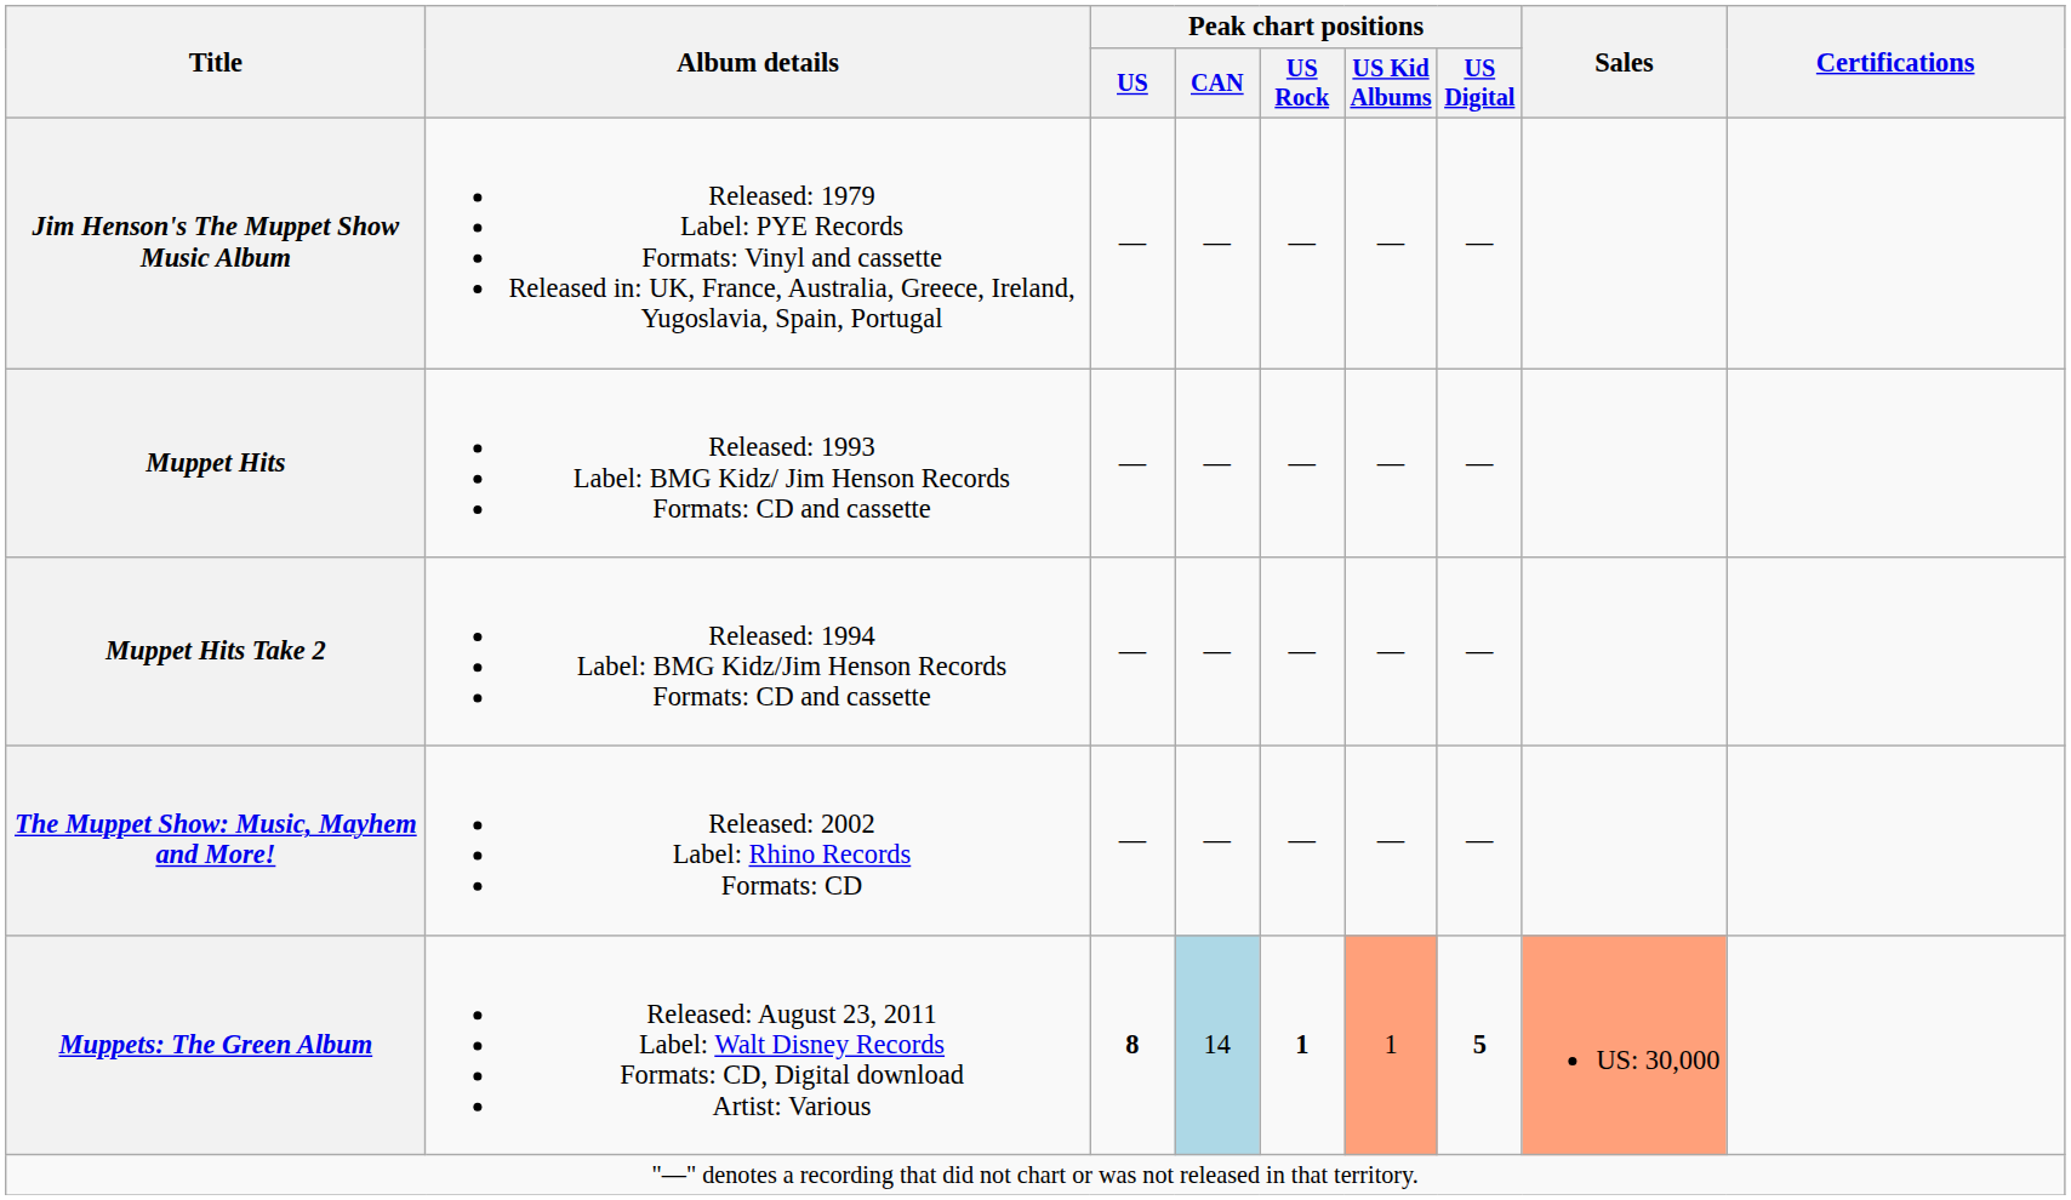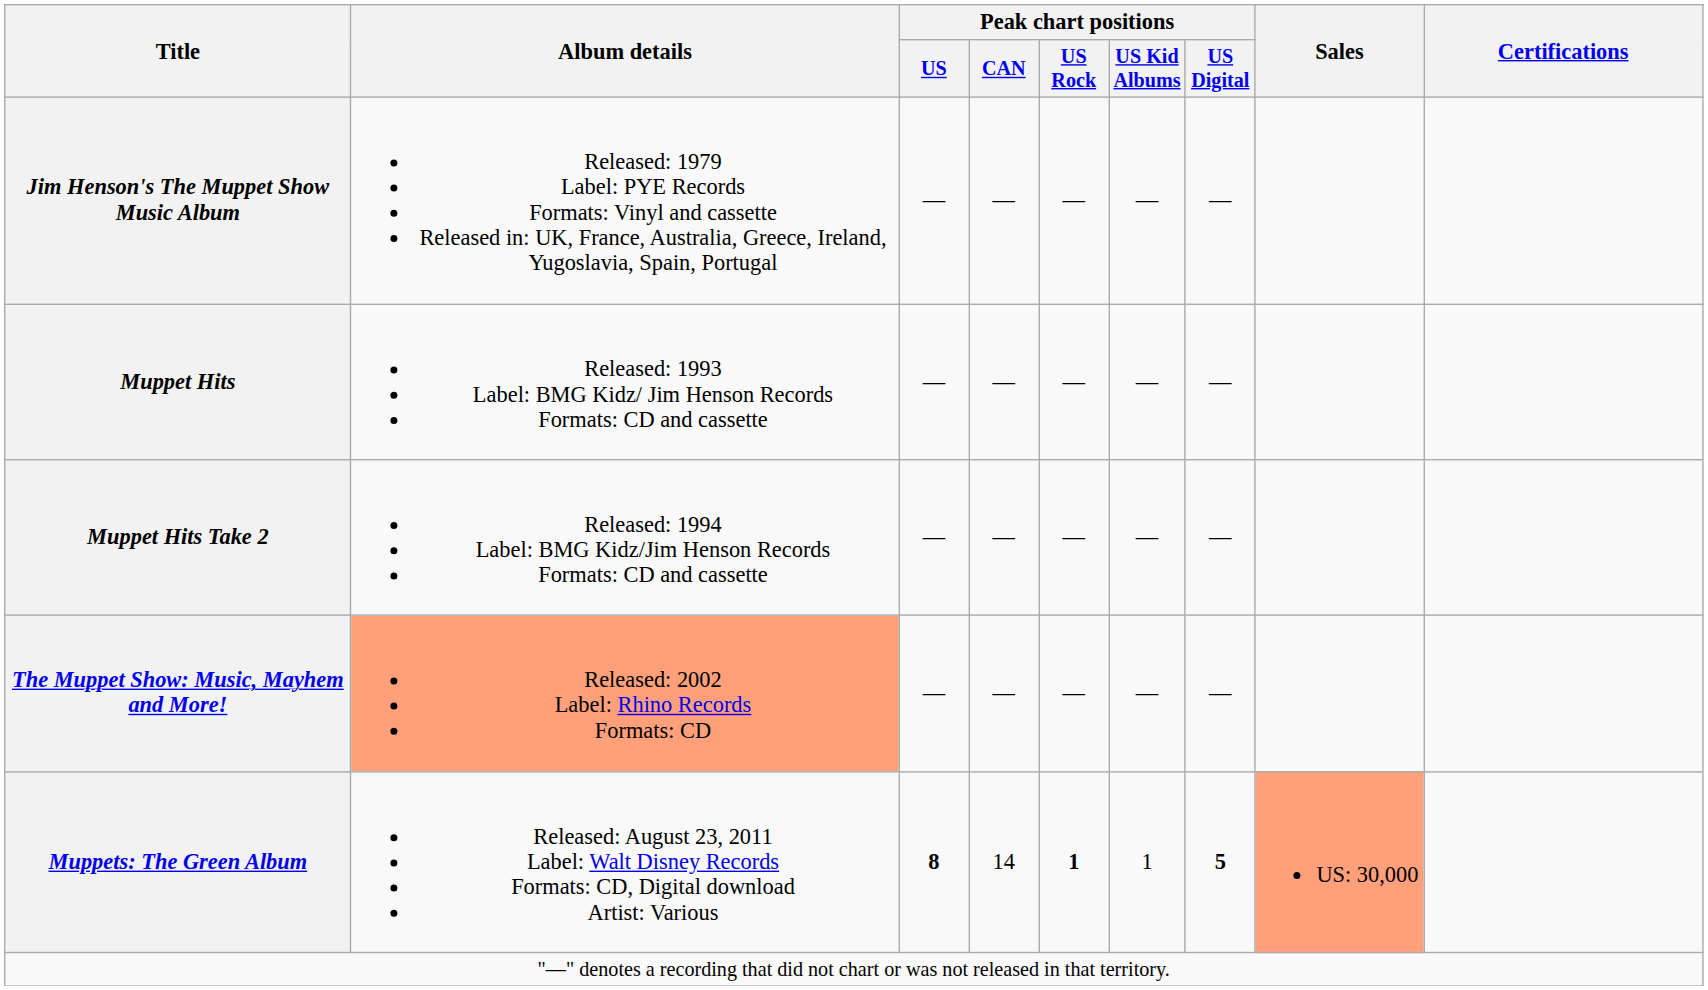 <table class="wikitable plainrowheaders" style="text-align:center;">
 <tr>
 <th scope="col" rowspan="2" style="width:15em;">Title</th>
 <th scope="col" rowspan="2" style="width:24em;">Album details</th>
 <th colspan="5" scope="col">Peak chart positions</th>
 <th scope="col" rowspan="2">Sales</th>
 <th scope="col" rowspan="2" style="width:12em;"><a href='#'>Certifications</a></th>
 </tr>
 <tr>
 <th scope="col" style="width:3em;font-size:90%;"><a href='#'>US</a></th>
 <th scope="col" style="width:3em;font-size:90%;"><a href='#'>CAN</a></th>
 <th scope="col" style="width:3em;font-size:90%;"><a href='#'>US Rock</a></th>
 <th scope="col" style="width:3em;font-size:90%;"><a href='#'>US Kid Albums</a></th>
 <th scope="col" style="width:3em;font-size:90%;"><a href='#'>US Digital</a></th>
 </tr>
 <tr>
 <th scope="row"><em>Jim Henson's The Muppet Show Music Album</em></th>
 <td><br><ul><li>Released: 1979</li><li>Label: PYE Records</li><li>Formats: Vinyl and cassette</li><li>Released in: UK, France, Australia, Greece, Ireland, Yugoslavia, Spain, Portugal</li></ul></td>
 <td>—</td>
 <td>—</td>
 <td>—</td>
 <td>—</td>
 <td>—</td>
 <td></td>
 <td></td>
 </tr>
 <tr>
 <th scope="row"><em>Muppet Hits</em></th>
 <td><br><ul><li>Released: 1993</li><li>Label: BMG Kidz/ Jim Henson Records</li><li>Formats: CD and cassette</li></ul></td>
 <td>—</td>
 <td>—</td>
 <td>—</td>
 <td>—</td>
 <td>—</td>
 <td></td>
 <td></td>
 </tr>
 <tr>
 <th scope="row"><em>Muppet Hits Take 2</em></th>
 <td><br><ul><li>Released: 1994</li><li>Label: BMG Kidz/Jim Henson Records</li><li>Formats: CD and cassette</li></ul></td>
 <td>—</td>
 <td>—</td>
 <td>—</td>
 <td>—</td>
 <td>—</td>
 <td></td>
 <td></td>
 </tr>
 <tr>
 <th scope="row"><em><a href='#'>The Muppet Show: Music, Mayhem and More!</a></em></th>
-<td><br><ul><li>Released: 2002</li><li>Label: <a href='#'>Rhino Records</a></li><li>Formats: CD</li></ul></td>
+<td style="background: lightsalmon;"><br><ul><li>Released: 2002</li><li>Label: <a href='#'>Rhino Records</a></li><li>Formats: CD</li></ul></td>
 <td>—</td>
 <td>—</td>
 <td>—</td>
 <td>—</td>
 <td>—</td>
 <td></td>
 <td></td>
 </tr>
 <tr>
 <th scope="row"><em><a href='#'>Muppets: The Green Album</a></em></th>
 <td><br><ul><li>Released: August 23, 2011</li><li>Label: <a href='#'>Walt Disney Records</a></li><li>Formats: CD, Digital download</li><li>Artist: Various</li></ul></td>
 <td><strong>8</strong></td>
-<td style="background: lightblue;">14</td>
+<td>14</td>
 <td><strong>1</strong></td>
-<td style="background: lightsalmon;">1</td>
+<td>1</td>
 <td><strong>5</strong></td>
 <td style="background: lightsalmon;"><br><ul><li>US: 30,000</li></ul></td>
 <td></td>
 </tr>
 <tr>
 <td colspan="16" style="font-size:90%">"—" denotes a recording that did not chart or was not released in that territory.</td>
 </tr>
 </table>
